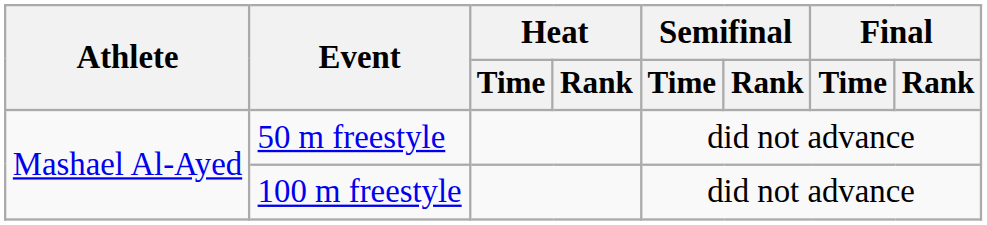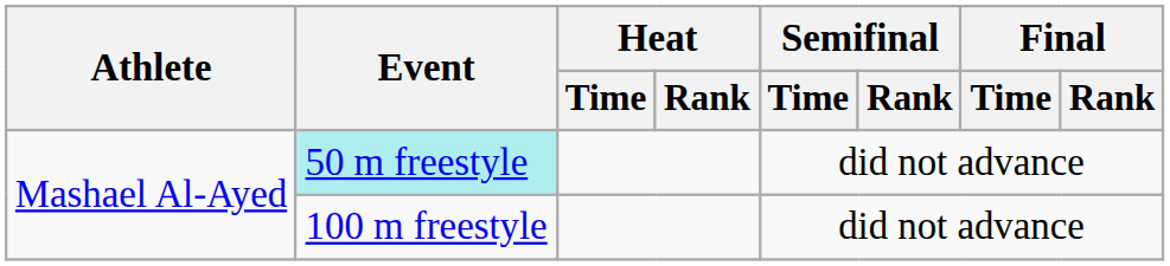 <table class="wikitable" style="text-align:center; font-size:90%">
 <tr>
 <th rowspan="2">Athlete</th>
 <th rowspan="2">Event</th>
 <th colspan="2">Heat</th>
 <th colspan="2">Semifinal</th>
 <th colspan="2">Final</th>
 </tr>
 <tr style="font-size:95%">
 <th>Time</th>
 <th>Rank</th>
 <th>Time</th>
 <th>Rank</th>
 <th>Time</th>
 <th>Rank</th>
 </tr>
 <tr>
 <td align=left rowspan=2><a href='#'>Mashael Al-Ayed</a></td>
-<td align=left><a href='#'>50 m freestyle</a></td>
+<td align=left style="background: paleturquoise;"><a href='#'>50 m freestyle</a></td>
 <td colspan=2></td>
 <td colspan=4>did not advance</td>
 </tr>
 <tr>
 <td align=left><a href='#'>100 m freestyle</a></td>
 <td colspan=2></td>
 <td colspan=4>did not advance</td>
 </tr>
 </table>
